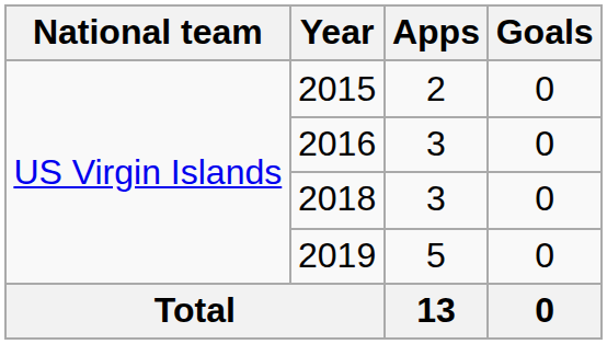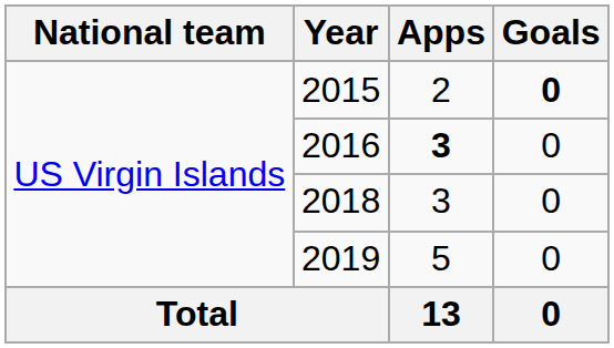 <table class="wikitable" style="text-align:center">
 <tr>
 <th>National team</th>
 <th>Year</th>
 <th>Apps</th>
 <th>Goals</th>
 </tr>
 <tr>
 <td rowspan=4><a href='#'>US Virgin Islands</a></td>
 <td>2015</td>
 <td>2</td>
-<td>0</td>
+<td><strong>0</strong></td>
 </tr>
 <tr>
 <td>2016</td>
-<td>3</td>
+<td><strong>3</strong></td>
 <td>0</td>
 </tr>
 <tr>
 <td>2018</td>
 <td>3</td>
 <td>0</td>
 </tr>
 <tr>
 <td>2019</td>
 <td>5</td>
 <td>0</td>
 </tr>
 <tr>
 <th colspan=2>Total</th>
 <th>13</th>
 <th>0</th>
 </tr>
 </table>
